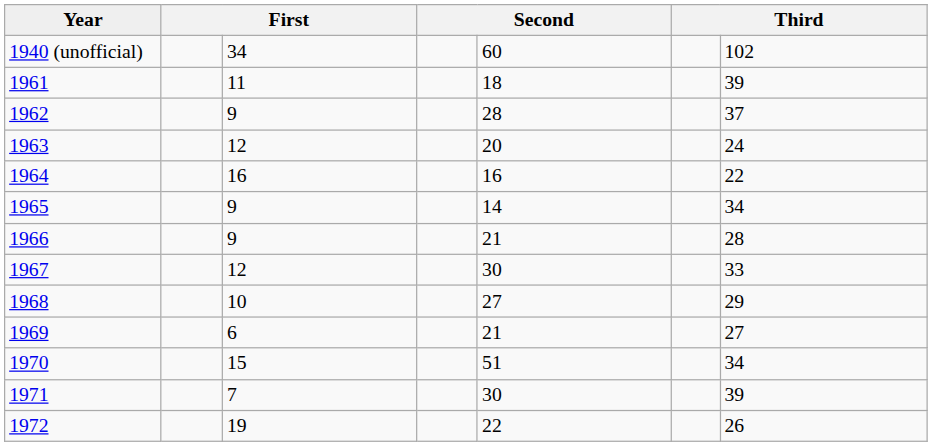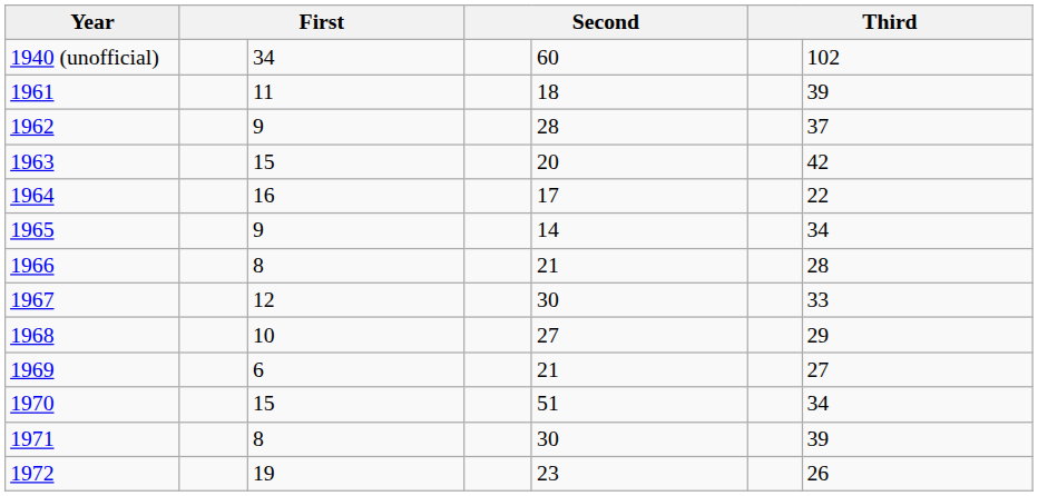 <table class="wikitable" border="1" style="font-size:100%">
 <tr align=center>
 <th scope=col style="width:120px; background: #efefef;">Year</th>
 <th scope=col colspan=2 style="width:200px;"> First</th>
 <th scope=col colspan=2 style="width:200px;"> Second</th>
 <th scope=col colspan=2 style="width:200px;"> Third</th>
 </tr>
 <tr>
 <td><a href='#'>1940</a> (unofficial)</td>
 <td></td>
 <td>34</td>
 <td></td>
 <td>60</td>
 <td></td>
 <td>102</td>
 </tr>
 <tr>
 <td><a href='#'>1961</a></td>
 <td></td>
 <td>11</td>
 <td></td>
 <td>18</td>
 <td></td>
 <td>39</td>
 </tr>
 <tr>
 <td><a href='#'>1962</a></td>
 <td></td>
 <td>9</td>
 <td></td>
 <td>28</td>
 <td></td>
 <td>37</td>
 </tr>
 <tr>
 <td><a href='#'>1963</a></td>
 <td></td>
-<td>12</td>
+<td>15</td>
 <td></td>
 <td>20</td>
 <td></td>
-<td>24</td>
+<td>42</td>
 </tr>
 <tr>
 <td><a href='#'>1964</a></td>
 <td></td>
 <td>16</td>
 <td></td>
-<td>16</td>
+<td>17</td>
 <td></td>
 <td>22</td>
 </tr>
 <tr>
 <td><a href='#'>1965</a></td>
 <td></td>
 <td>9</td>
 <td></td>
 <td>14</td>
 <td></td>
 <td>34</td>
 </tr>
 <tr>
 <td><a href='#'>1966</a></td>
 <td></td>
-<td>9</td>
+<td>8</td>
 <td></td>
 <td>21</td>
 <td></td>
 <td>28</td>
 </tr>
 <tr>
 <td><a href='#'>1967</a></td>
 <td></td>
 <td>12</td>
 <td></td>
 <td>30</td>
 <td></td>
 <td>33</td>
 </tr>
 <tr>
 <td><a href='#'>1968</a></td>
 <td></td>
 <td>10</td>
 <td></td>
 <td>27</td>
 <td></td>
 <td>29</td>
 </tr>
 <tr>
 <td><a href='#'>1969</a></td>
 <td></td>
 <td>6</td>
 <td></td>
 <td>21</td>
 <td></td>
 <td>27</td>
 </tr>
 <tr>
 <td><a href='#'>1970</a></td>
 <td></td>
 <td>15</td>
 <td></td>
 <td>51</td>
 <td></td>
 <td>34</td>
 </tr>
 <tr>
 <td><a href='#'>1971</a></td>
 <td></td>
-<td>7</td>
+<td>8</td>
 <td></td>
 <td>30</td>
 <td></td>
 <td>39</td>
 </tr>
 <tr>
 <td><a href='#'>1972</a></td>
 <td></td>
 <td>19</td>
 <td></td>
-<td>22</td>
+<td>23</td>
 <td></td>
 <td>26</td>
 </tr>
 </table>
